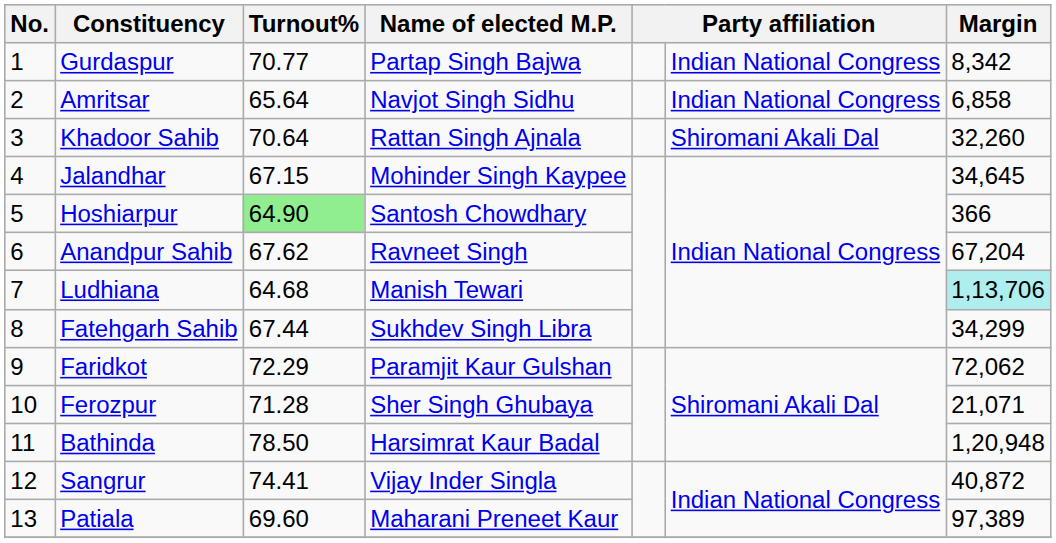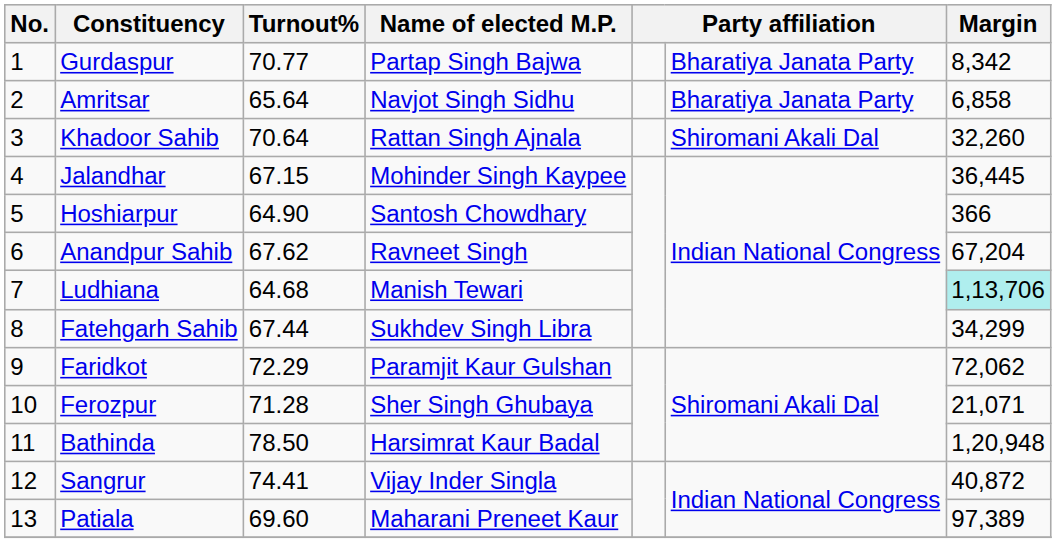 <table class="sortable wikitable" style="font-size: 95%;">
 <tr>
 <th>No.</th>
 <th>Constituency</th>
 <th>Turnout%</th>
 <th>Name of elected M.P.</th>
 <th colspan="2">Party affiliation</th>
 <th>Margin</th>
 </tr>
 <tr>
 <td>1</td>
 <td><a href='#'>Gurdaspur</a></td>
 <td>70.77</td>
 <td><a href='#'>Partap Singh Bajwa</a></td>
 <td style="background-color: "></td>
-<td><a href='#'>Indian National Congress</a></td>
+<td><a href='#'>Bharatiya Janata Party</a></td>
 <td>8,342</td>
 </tr>
 <tr>
 <td>2</td>
 <td><a href='#'>Amritsar</a></td>
 <td>65.64</td>
 <td><a href='#'>Navjot Singh Sidhu</a></td>
 <td style="background-color: "></td>
-<td><a href='#'>Indian National Congress</a></td>
+<td><a href='#'>Bharatiya Janata Party</a></td>
 <td>6,858</td>
 </tr>
 <tr>
 <td>3</td>
 <td><a href='#'>Khadoor Sahib</a></td>
 <td>70.64</td>
 <td><a href='#'>Rattan Singh Ajnala</a></td>
 <td style="background-color: "></td>
 <td><a href='#'>Shiromani Akali Dal</a></td>
 <td>32,260</td>
 </tr>
 <tr>
 <td>4</td>
 <td><a href='#'>Jalandhar</a></td>
 <td>67.15</td>
 <td><a href='#'>Mohinder Singh Kaypee</a></td>
 <td rowspan="5" style="background-color: "></td>
 <td rowspan="5"><a href='#'>Indian National Congress</a></td>
-<td>34,645</td>
+<td>36,445</td>
 </tr>
 <tr>
 <td>5</td>
 <td><a href='#'>Hoshiarpur</a></td>
-<td style="background: lightgreen;">64.90</td>
+<td>64.90</td>
 <td><a href='#'>Santosh Chowdhary</a></td>
 <td>366</td>
 </tr>
 <tr>
 <td>6</td>
 <td><a href='#'>Anandpur Sahib</a></td>
 <td>67.62</td>
 <td><a href='#'>Ravneet Singh</a></td>
 <td>67,204</td>
 </tr>
 <tr>
 <td>7</td>
 <td><a href='#'>Ludhiana</a></td>
 <td>64.68</td>
 <td><a href='#'>Manish Tewari</a></td>
 <td style="background: paleturquoise;">1,13,706</td>
 </tr>
 <tr>
 <td>8</td>
 <td><a href='#'>Fatehgarh Sahib</a></td>
 <td>67.44</td>
 <td><a href='#'>Sukhdev Singh Libra</a></td>
 <td>34,299</td>
 </tr>
 <tr>
 <td>9</td>
 <td><a href='#'>Faridkot</a></td>
 <td>72.29</td>
 <td><a href='#'>Paramjit Kaur Gulshan</a></td>
 <td rowspan="3" style="background-color: "></td>
 <td rowspan="3"><a href='#'>Shiromani Akali Dal</a></td>
 <td>72,062</td>
 </tr>
 <tr>
 <td>10</td>
 <td><a href='#'>Ferozpur</a></td>
 <td>71.28</td>
 <td><a href='#'>Sher Singh Ghubaya</a></td>
 <td>21,071</td>
 </tr>
 <tr>
 <td>11</td>
 <td><a href='#'>Bathinda</a></td>
 <td>78.50</td>
 <td><a href='#'>Harsimrat Kaur Badal</a></td>
 <td>1,20,948</td>
 </tr>
 <tr>
 <td>12</td>
 <td><a href='#'>Sangrur</a></td>
 <td>74.41</td>
 <td><a href='#'>Vijay Inder Singla</a></td>
 <td width="14x" rowspan="2" style="background-color: "></td>
 <td rowspan="2"><a href='#'>Indian National Congress</a></td>
 <td>40,872</td>
 </tr>
 <tr>
 <td>13</td>
 <td><a href='#'>Patiala</a></td>
 <td>69.60</td>
 <td><a href='#'>Maharani Preneet Kaur</a></td>
 <td>97,389</td>
 </tr>
 <tr>
 </tr>
 </table>
